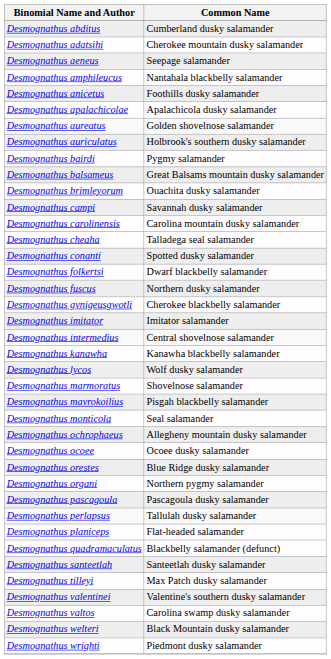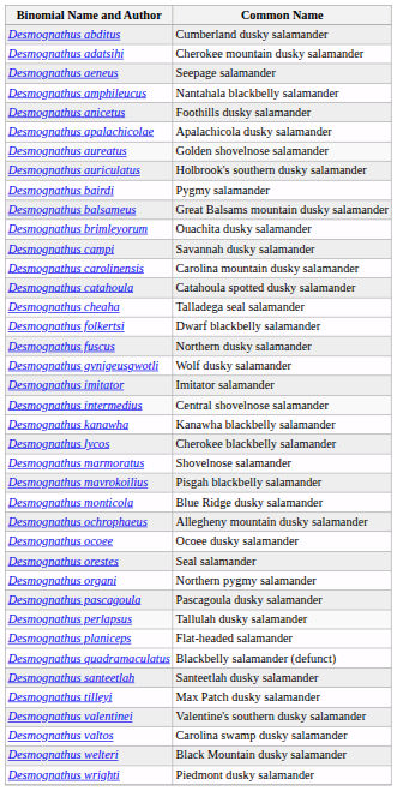 <table class="wikitable" style="text-align:left; border:1px solid #999999; ">
 <tr style="background:#CCCC99; text-align: center; ">
 <th>Binomial Name and Author</th>
 <th>Common Name</th>
 </tr>
 <tr>
 </tr>
 <tr style="background:#EEEEEE;">
 <td><em><a href='#'>Desmognathus abditus</a></em> <br> </td>
 <td>Cumberland dusky salamander</td>
 </tr>
 <tr style="background:#FFFDFF;">
 <td><em><a href='#'>Desmognathus adatsihi</a></em><br></td>
 <td>Cherokee mountain dusky salamander</td>
 </tr>
 <tr style="background:#EEEEEE;">
 <td><em><a href='#'>Desmognathus aeneus</a></em> <br> </td>
 <td>Seepage salamander</td>
 </tr>
 <tr style="background:#FFFDFF;">
 <td><em><a href='#'>Desmognathus amphileucus</a></em> <br> </td>
 <td>Nantahala blackbelly salamander</td>
 </tr>
 <tr style="background:#EEEEEE;">
 <td><em><a href='#'>Desmognathus anicetus</a></em> <br> </td>
 <td>Foothills dusky salamander</td>
 </tr>
 <tr style="background:#FFFDFF;">
 <td><em><a href='#'>Desmognathus apalachicolae</a></em> <br> </td>
 <td>Apalachicola dusky salamander</td>
 </tr>
 <tr>
 <td><em><a href='#'>Desmognathus aureatus</a></em> <br> </td>
 <td>Golden shovelnose salamander</td>
 </tr>
 <tr style="background:#EEEEEE;">
 <td><em><a href='#'>Desmognathus auriculatus</a></em> <br> </td>
 <td>Holbrook's southern dusky salamander</td>
 </tr>
 <tr style="background:#FFFDFF;">
 <td><em><a href='#'>Desmognathus bairdi</a></em> <br> </td>
 <td>Pygmy salamander</td>
 </tr>
 <tr style="background:#EEEEEE;">
 <td><em><a href='#'>Desmognathus balsameus</a></em> <br> </td>
 <td>Great Balsams mountain dusky salamander</td>
 </tr>
 <tr style="background:#FFFDFF;">
 <td><em><a href='#'>Desmognathus brimleyorum</a></em> <br> </td>
 <td>Ouachita dusky salamander</td>
 </tr>
 <tr style="background:#EEEEEE;">
 <td><em><a href='#'>Desmognathus campi</a></em> <br> </td>
 <td>Savannah dusky salamander</td>
 </tr>
 <tr style="background:#FFFDFF;">
 <td><em><a href='#'>Desmognathus carolinensis</a></em> <br> </td>
 <td>Carolina mountain dusky salamander</td>
 </tr>
+<tr style="background:#EEEEEE;">
+<td><em><a href='#'>Desmognathus catahoula</a></em> <br> </td>
+<td>Catahoula spotted dusky salamander</td>
+</tr>
 <tr style="background:#FFFDFF;">
 <td><em><a href='#'>Desmognathus cheaha</a></em> <br> </td>
 <td>Talladega seal salamander</td>
-</tr>
-<tr style="background:#EEEEEE;">
-<td><em><a href='#'>Desmognathus conanti</a></em> <br> </td>
-<td>Spotted dusky salamander</td>
 </tr>
 <tr style="background:#FFFDFF;">
 <td><em><a href='#'>Desmognathus folkertsi</a></em> <br> </td>
 <td>Dwarf blackbelly salamander</td>
 </tr>
 <tr style="background:#EEEEEE;">
 <td><em><a href='#'>Desmognathus fuscus</a></em> <br> </td>
 <td>Northern dusky salamander</td>
 </tr>
 <tr style="background:#FFFDFF;">
 <td><em><a href='#'>Desmognathus gvnigeusgwotli</a></em>  <br> </td>
-<td>Cherokee blackbelly salamander</td>
+<td>Wolf dusky salamander</td>
 </tr>
 <tr style="background:#EEEEEE;">
 <td><em><a href='#'>Desmognathus imitator</a></em> <br> </td>
 <td>Imitator salamander</td>
 </tr>
 <tr>
 <td><em><a href='#'>Desmognathus intermedius</a></em> <br> </td>
 <td>Central shovelnose salamander</td>
 </tr>
 <tr style="background:#FFFDFF;">
 <td><em><a href='#'>Desmognathus kanawha</a></em> <br> </td>
 <td>Kanawha blackbelly salamander</td>
 </tr>
 <tr style="background:#EEEEEE;">
 <td><em><a href='#'>Desmognathus lycos</a></em> <br> </td>
-<td>Wolf dusky salamander</td>
+<td>Cherokee blackbelly salamander</td>
 </tr>
 <tr style="background:#FFFDFF;">
 <td><em><a href='#'>Desmognathus marmoratus</a></em> <br> </td>
 <td>Shovelnose salamander</td>
 </tr>
 <tr style="background:#EEEEEE;">
 <td><em><a href='#'>Desmognathus mavrokoilius</a></em> <br> </td>
 <td>Pisgah blackbelly salamander</td>
 </tr>
 <tr style="background:#FFFDFF;">
 <td><em><a href='#'>Desmognathus monticola</a></em> <br> </td>
-<td>Seal salamander</td>
+<td>Blue Ridge dusky salamander</td>
 </tr>
 <tr style="background:#EEEEEE;">
 <td><em><a href='#'>Desmognathus ochrophaeus</a></em> <br> </td>
 <td>Allegheny mountain dusky salamander</td>
 </tr>
 <tr style="background:#FFFDFF;">
 <td><em><a href='#'>Desmognathus ocoee</a></em> <br> </td>
 <td>Ocoee dusky salamander</td>
 </tr>
 <tr style="background:#EEEEEE;">
 <td><em><a href='#'>Desmognathus orestes</a></em> <br> </td>
-<td>Blue Ridge dusky salamander</td>
+<td>Seal salamander</td>
 </tr>
 <tr style="background:#FFFDFF;">
 <td><em><a href='#'>Desmognathus organi</a></em> <br> </td>
 <td>Northern pygmy salamander</td>
 </tr>
 <tr style="background:#EEEEEE;">
 <td><em><a href='#'>Desmognathus pascagoula</a></em> <br> </td>
 <td>Pascagoula dusky salamander</td>
 </tr>
 <tr>
 <td><em><a href='#'>Desmognathus perlapsus</a></em><br></td>
 <td>Tallulah dusky salamander</td>
 </tr>
 <tr style="background:#FFFDFF;">
 <td><em><a href='#'>Desmognathus planiceps</a></em> <br> </td>
 <td>Flat-headed salamander</td>
 </tr>
 <tr style="background:#FFFDFF;">
 <td><em><a href='#'>Desmognathus quadramaculatus</a></em> <br> </td>
 <td>Blackbelly salamander (defunct)</td>
 </tr>
 <tr style="background:#EEEEEE;">
 <td><em><a href='#'>Desmognathus santeetlah</a></em> <br> </td>
 <td>Santeetlah dusky salamander</td>
 </tr>
 <tr style="background:#FFFDFF;">
 <td><em><a href='#'>Desmognathus tilleyi</a></em> <br> </td>
 <td>Max Patch dusky salamander</td>
 </tr>
 <tr style="background:#EEEEEE;">
 <td><em><a href='#'>Desmognathus valentinei</a></em> <br> </td>
 <td>Valentine's southern dusky salamander</td>
 </tr>
 <tr style="background:#FFFDFF;">
 <td><em><a href='#'>Desmognathus valtos</a></em> <br> </td>
 <td>Carolina swamp dusky salamander</td>
 </tr>
 <tr style="background:#EEEEEE;">
 <td><em><a href='#'>Desmognathus welteri</a></em> <br> </td>
 <td>Black Mountain dusky salamander</td>
 </tr>
 <tr style="background:#FFFDFF;">
 <td><em><a href='#'>Desmognathus wrighti</a></em> <br> </td>
 <td>Piedmont dusky salamander</td>
 </tr>
 <tr>
 </tr>
 </table>
